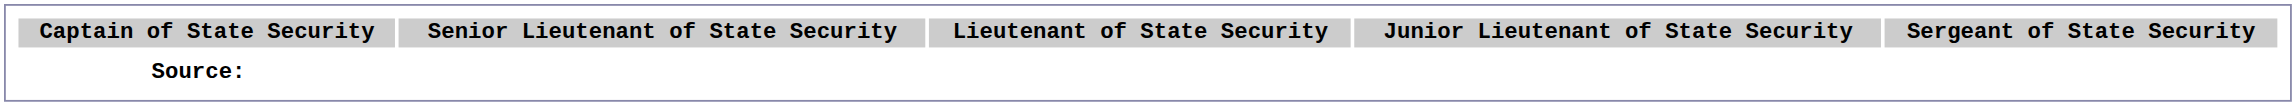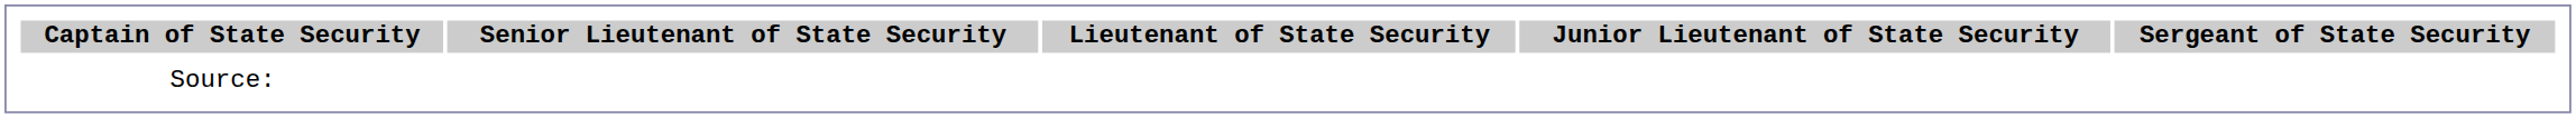 <table style="width:100%; border:1px solid #8888aa; background:#fff; padding:5px; font-size:95%; margin:0 12px 12px 0; text-align:center; ">
 <tr style="background:#ccc;">
 <th colspan="2">Captain of State Security</th>
 <th colspan="2">Senior Lieutenant of State Security</th>
 <th colspan="2">Lieutenant of State Security</th>
 <th colspan="2">Junior Lieutenant of State Security</th>
 <th colspan="2">Sergeant of State Security</th>
 </tr>
 <tr style="text-align:center;">
 <td></td>
 <td></td>
 <td></td>
 <td></td>
 <td></td>
 <td></td>
 <td></td>
 <td></td>
 <td></td>
 <td></td>
 </tr>
 <tr>
-<td><strong>Source:</strong></td>
+<td>Source:</td>
 </tr>
 </table>
